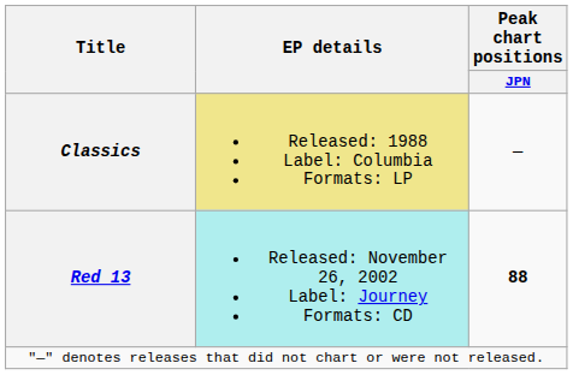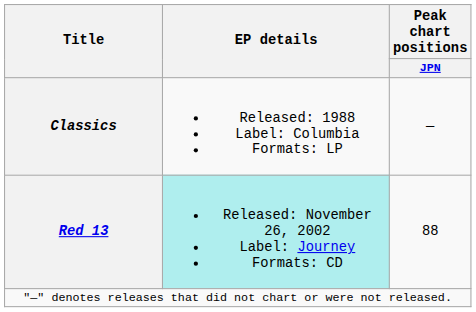 <table class="wikitable plainrowheaders" style="text-align:center;">
 <tr>
 <th scope="col" rowspan="2" style="width:11em;">Title</th>
 <th scope="col" rowspan="2" style="width:16em;">EP details</th>
 <th scope="col" colspan="1">Peak chart positions</th>
 </tr>
 <tr>
 <th scope="col" style="width:3em;font-size:85%;"><a href='#'>JPN</a><br></th>
 </tr>
 <tr>
 <th scope="row"><em>Classics</em></th>
-<td style="background: khaki;"><br><ul><li>Released: 1988</li><li>Label: Columbia</li><li>Formats: LP</li></ul></td>
+<td><br><ul><li>Released: 1988</li><li>Label: Columbia</li><li>Formats: LP</li></ul></td>
 <td>—</td>
 </tr>
 <tr>
 <th scope="row"><em><a href='#'>Red 13</a></em></th>
 <td style="background: paleturquoise;"><br><ul><li>Released: November 26, 2002</li><li>Label: <a href='#'>Journey</a></li><li>Formats: CD</li></ul></td>
-<td><strong>88</strong></td>
+<td>88</td>
 </tr>
 <tr>
 <td colspan="13" style="font-size:85%; text-align:center;">"—" denotes releases that did not chart or were not released.</td>
 </tr>
 </table>
